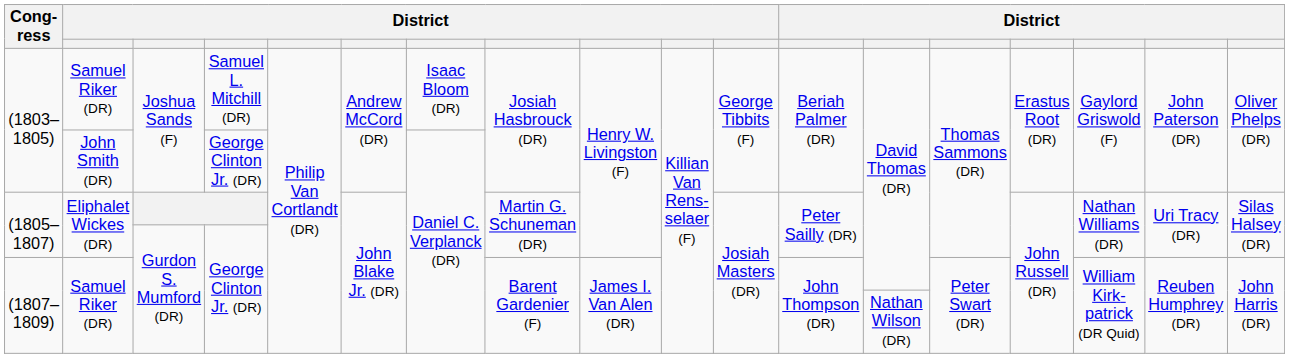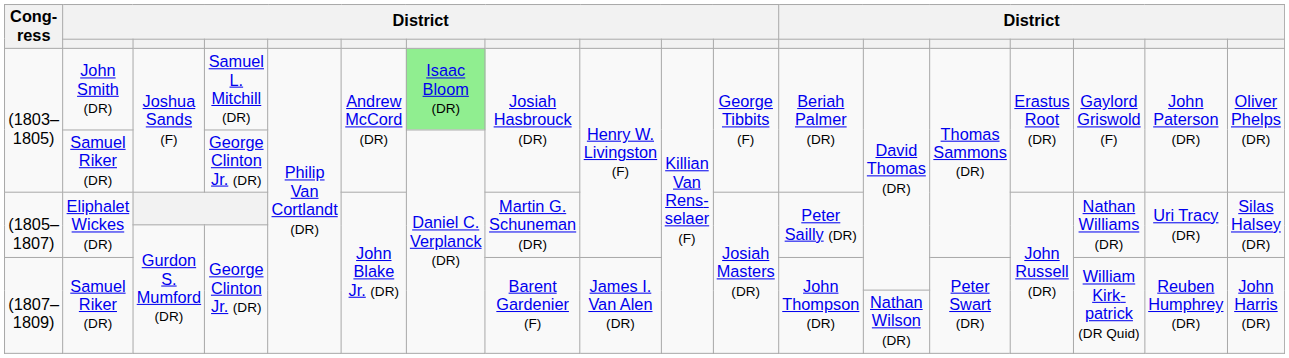 <table class=wikitable style="text-align:center">
 <tr>
 <th rowspan=2>Cong­ress</th>
 <th colspan=10>District</th>
 <th colspan=7>District</th>
 </tr>
 <tr>
 <th></th>
 <th></th>
 <th></th>
 <th></th>
 <th></th>
 <th></th>
 <th></th>
 <th></th>
 <th></th>
 <th></th>
 <th></th>
 <th></th>
 <th></th>
 <th></th>
 <th></th>
 <th></th>
 <th></th>
 </tr>
 <tr style="height:2em">
 <td rowspan=2><strong></strong><br>(1803–1805)</td>
-<td><a href='#'>Samuel Riker</a> <small>(DR)</small></td>
+<td><a href='#'>John Smith</a> <small>(DR)</small></td>
 <td rowspan=2 ><a href='#'>Joshua Sands</a> <small>(F)</small></td>
 <td><a href='#'>Samuel L. Mitchill</a> <small>(DR)</small></td>
 <td rowspan=6 ><a href='#'>Philip Van Cortlandt</a> <small>(DR)</small></td>
 <td rowspan=2 ><a href='#'>Andrew McCord</a> <small>(DR)</small></td>
-<td><a href='#'>Isaac Bloom</a> <small>(DR)</small></td>
+<td style="background: lightgreen;"><a href='#'>Isaac Bloom</a> <small>(DR)</small></td>
 <td rowspan=2 ><a href='#'>Josiah Hasbrouck</a> <small>(DR)</small></td>
 <td rowspan=4 ><a href='#'>Henry W. Livingston</a> <small>(F)</small></td>
 <td rowspan=6 ><a href='#'>Killian Van Rens­selaer</a> <small>(F)</small></td>
 <td rowspan=2 ><a href='#'>George Tibbits</a> <small>(F)</small></td>
 <td rowspan=2 ><a href='#'>Beriah Palmer</a> <small>(DR)</small></td>
 <td rowspan=5 ><a href='#'>David Thomas</a> <small>(DR)</small></td>
 <td rowspan=4 ><a href='#'>Thomas Sammons</a> <small>(DR)</small></td>
 <td rowspan=2 ><a href='#'>Erastus Root</a> <small>(DR)</small></td>
 <td rowspan=2 ><a href='#'>Gaylord Griswold</a> <small>(F)</small></td>
 <td rowspan=2 ><a href='#'>John Paterson</a> <small>(DR)</small></td>
 <td rowspan=2 ><a href='#'>Oliver Phelps</a> <small>(DR)</small></td>
 </tr>
 <tr style="height:2em">
-<td><a href='#'>John Smith</a> <small>(DR)</small></td>
+<td><a href='#'>Samuel Riker</a> <small>(DR)</small></td>
 <td><a href='#'>George Clinton Jr.</a> <small>(DR)</small></td>
 <td rowspan=5 ><a href='#'>Daniel C. Verplanck</a> <small>(DR)</small></td>
 </tr>
 <tr style="height:2em">
 <td rowspan=2><strong></strong><br>(1805–1807)</td>
 <td rowspan=2 ><a href='#'>Eliphalet Wickes</a> <small>(DR)</small></td>
 <th colspan=2></th>
 <td rowspan=4 ><a href='#'>John Blake Jr.</a> <small>(DR)</small></td>
 <td rowspan=2 ><a href='#'>Martin G. Schuneman</a> <small>(DR)</small></td>
 <td rowspan=4 ><a href='#'>Josiah Masters</a> <small>(DR)</small></td>
 <td rowspan=2 ><a href='#'>Peter Sailly</a> <small>(DR)</small></td>
 <td rowspan=4 ><a href='#'>John Russell</a> <small>(DR)</small></td>
 <td rowspan=2 ><a href='#'>Nathan Williams</a> <small>(DR)</small></td>
 <td rowspan=2 ><a href='#'>Uri Tracy</a> <small>(DR)</small></td>
 <td rowspan=2 ><a href='#'>Silas Halsey</a> <small>(DR)</small></td>
 </tr>
 <tr style="height:2em">
 <td rowspan=3 ><a href='#'>Gurdon S. Mumford</a> <small>(DR)</small></td>
 <td rowspan=3 ><a href='#'>George Clinton Jr.</a> <small>(DR)</small></td>
 </tr>
 <tr style="height:2em">
 <td rowspan=2><strong></strong><br>(1807–1809)</td>
 <td rowspan=2 ><a href='#'>Samuel Riker</a> <small>(DR)</small></td>
 <td rowspan=2 ><a href='#'>Barent Gardenier</a> <small>(F)</small></td>
 <td rowspan=2 ><a href='#'>James I. Van Alen</a> <small>(DR)</small></td>
 <td rowspan=2 ><a href='#'>John Thompson</a> <small>(DR)</small></td>
 <td rowspan=2 ><a href='#'>Peter Swart</a> <small>(DR)</small></td>
 <td rowspan=2 ><a href='#'>William Kirk­patrick</a> <small>(DR Quid)</small></td>
 <td rowspan=2 ><a href='#'>Reuben Humphrey</a> <small>(DR)</small></td>
 <td rowspan=2 ><a href='#'>John Harris</a> <small>(DR)</small></td>
 </tr>
 <tr style="height:2em">
 <td><a href='#'>Nathan Wilson</a> <small>(DR)</small></td>
 </tr>
 </table>
